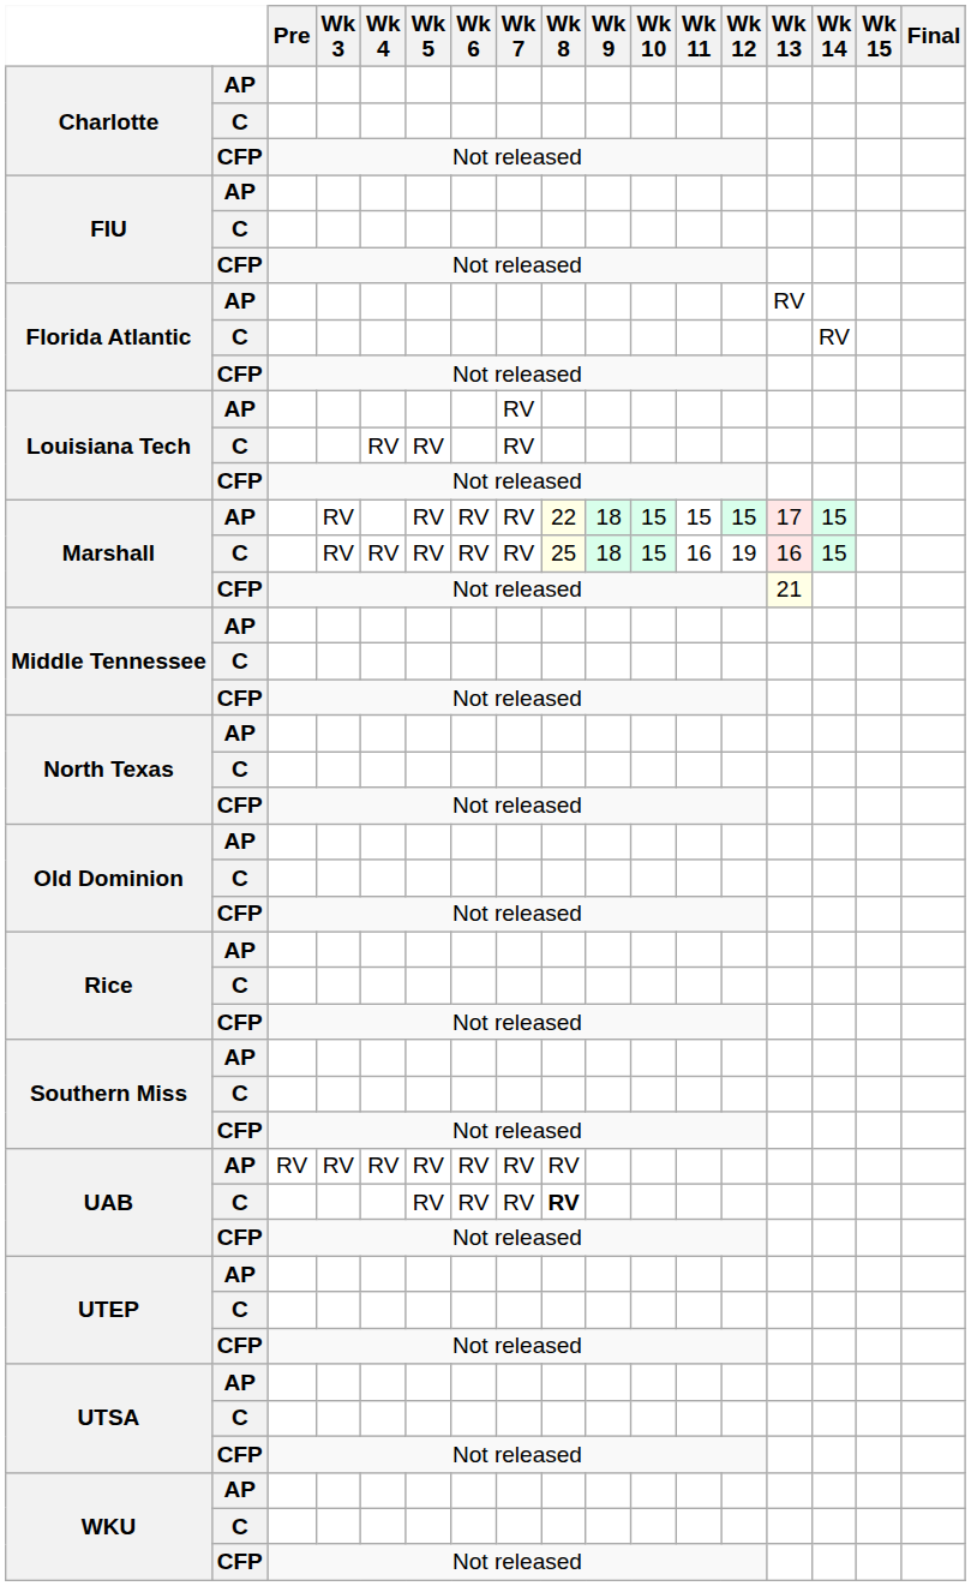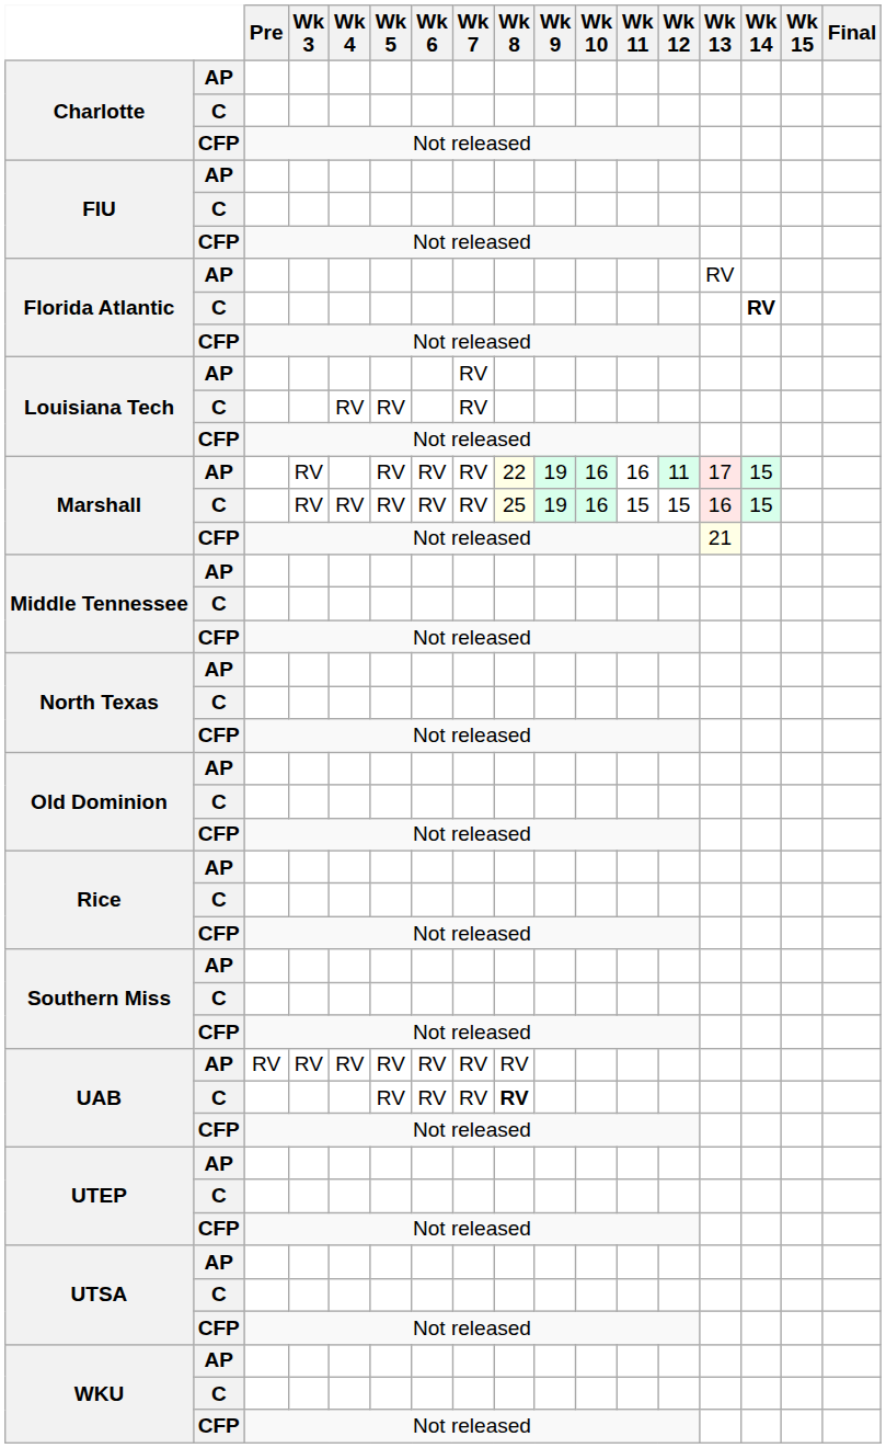 <table class="wikitable" style="white-space:nowrap;font-size:85%;">
 <tr>
 <th colspan=2 style="background:white; border-top-style:hidden; border-left-style:hidden;"> </th>
 <th>Pre</th>
 <th>Wk<br>3</th>
 <th>Wk<br>4</th>
 <th>Wk<br>5</th>
 <th>Wk<br>6</th>
 <th>Wk<br>7</th>
 <th>Wk<br>8</th>
 <th>Wk<br>9</th>
 <th>Wk<br>10</th>
 <th>Wk<br>11</th>
 <th>Wk<br>12</th>
 <th>Wk<br>13</th>
 <th>Wk<br>14</th>
 <th>Wk<br>15</th>
 <th>Final</th>
 </tr>
 <tr style="text-align:center;">
 <th rowspan="3">Charlotte</th>
 <th>AP</th>
 <td style="background:#FFF;"></td>
 <td style="background:#FFF;"></td>
 <td style="background:#FFF;"></td>
 <td style="background:#FFF;"></td>
 <td style="background:#FFF;"></td>
 <td style="background:#FFF;"></td>
 <td style="background:#FFF;"></td>
 <td style="background:#FFF;"></td>
 <td style="background:#FFF;"></td>
 <td style="background:#FFF;"></td>
 <td style="background:#FFF;"></td>
 <td style="background:#FFF;"></td>
 <td style="background:#FFF;"></td>
 <td style="background:#FFF;"></td>
 <td style="background:#FFF;"></td>
 </tr>
 <tr style="text-align:center;">
 <th>C</th>
 <td style="background:#FFF;"></td>
 <td style="background:#FFF;"></td>
 <td style="background:#FFF;"></td>
 <td style="background:#FFF;"></td>
 <td style="background:#FFF;"></td>
 <td style="background:#FFF;"></td>
 <td style="background:#FFF;"></td>
 <td style="background:#FFF;"></td>
 <td style="background:#FFF;"></td>
 <td style="background:#FFF;"></td>
 <td style="background:#FFF;"></td>
 <td style="background:#FFF;"></td>
 <td style="background:#FFF;"></td>
 <td style="background:#FFF;"></td>
 <td style="background:#FFF;"></td>
 </tr>
 <tr style="text-align:center;">
 <th>CFP</th>
 <td colspan="11" style="text-align:center;">Not released</td>
 <td style="background:#FFF;"></td>
 <td style="background:#FFF;"></td>
 <td style="background:#FFF;"></td>
 <td style="background:#FFF;"></td>
 </tr>
 <tr style="text-align:center;">
 <th rowspan="3">FIU</th>
 <th>AP</th>
 <td style="background:#FFF;"></td>
 <td style="background:#FFF;"></td>
 <td style="background:#FFF;"></td>
 <td style="background:#FFF;"></td>
 <td style="background:#FFF;"></td>
 <td style="background:#FFF;"></td>
 <td style="background:#FFF;"></td>
 <td style="background:#FFF;"></td>
 <td style="background:#FFF;"></td>
 <td style="background:#FFF;"></td>
 <td style="background:#FFF;"></td>
 <td style="background:#FFF;"></td>
 <td style="background:#FFF;"></td>
 <td style="background:#FFF;"></td>
 <td style="background:#FFF;"></td>
 </tr>
 <tr style="text-align:center;">
 <th>C</th>
 <td style="background:#FFF;"></td>
 <td style="background:#FFF;"></td>
 <td style="background:#FFF;"></td>
 <td style="background:#FFF;"></td>
 <td style="background:#FFF;"></td>
 <td style="background:#FFF;"></td>
 <td style="background:#FFF;"></td>
 <td style="background:#FFF;"></td>
 <td style="background:#FFF;"></td>
 <td style="background:#FFF;"></td>
 <td style="background:#FFF;"></td>
 <td style="background:#FFF;"></td>
 <td style="background:#FFF;"></td>
 <td style="background:#FFF;"></td>
 <td style="background:#FFF;"></td>
 </tr>
 <tr style="text-align:center;">
 <th>CFP</th>
 <td colspan="11" style="text-align:center;">Not released</td>
 <td style="background:#FFF;"></td>
 <td style="background:#FFF;"></td>
 <td style="background:#FFF;"></td>
 <td style="background:#FFF;"></td>
 </tr>
 <tr style="text-align:center;">
 <th rowspan="3">Florida Atlantic</th>
 <th>AP</th>
 <td style="background:#FFF;"></td>
 <td style="background:#FFF;"></td>
 <td style="background:#FFF;"></td>
 <td style="background:#FFF;"></td>
 <td style="background:#FFF;"></td>
 <td style="background:#FFF;"></td>
 <td style="background:#FFF;"></td>
 <td style="background:#FFF;"></td>
 <td style="background:#FFF;"></td>
 <td style="background:#FFF;"></td>
 <td style="background:#FFF;"></td>
 <td style="background:#FFF;">RV</td>
 <td style="background:#FFF;"></td>
 <td style="background:#FFF;"></td>
 <td style="background:#FFF;"></td>
 </tr>
 <tr style="text-align:center;">
 <th>C</th>
 <td style="background:#FFF;"></td>
 <td style="background:#FFF;"></td>
 <td style="background:#FFF;"></td>
 <td style="background:#FFF;"></td>
 <td style="background:#FFF;"></td>
 <td style="background:#FFF;"></td>
 <td style="background:#FFF;"></td>
 <td style="background:#FFF;"></td>
 <td style="background:#FFF;"></td>
 <td style="background:#FFF;"></td>
 <td style="background:#FFF;"></td>
 <td style="background:#FFF;"></td>
-<td style="background:#FFF;">RV</td>
+<td style="background:#FFF;"><strong>RV</strong></td>
 <td style="background:#FFF;"></td>
 <td style="background:#FFF;"></td>
 </tr>
 <tr style="text-align:center;">
 <th>CFP</th>
 <td colspan="11" style="text-align:center;">Not released</td>
 <td style="background:#FFF;"></td>
 <td style="background:#FFF;"></td>
 <td style="background:#FFF;"></td>
 <td style="background:#FFF;"></td>
 </tr>
 <tr style="text-align:center;">
 <th rowspan="3">Louisiana Tech</th>
 <th>AP</th>
 <td style="background:#FFF;"></td>
 <td style="background:#FFF;"></td>
 <td style="background:#FFF;"></td>
 <td style="background:#FFF;"></td>
 <td style="background:#FFF;"></td>
 <td style="background:#FFF;">RV</td>
 <td style="background:#FFF;"></td>
 <td style="background:#FFF;"></td>
 <td style="background:#FFF;"></td>
 <td style="background:#FFF;"></td>
 <td style="background:#FFF;"></td>
 <td style="background:#FFF;"></td>
 <td style="background:#FFF;"></td>
 <td style="background:#FFF;"></td>
 <td style="background:#FFF;"></td>
 </tr>
 <tr style="text-align:center;">
 <th>C</th>
 <td style="background:#FFF;"></td>
 <td style="background:#FFF;"></td>
 <td style="background:#FFF;">RV</td>
 <td style="background:#FFF;">RV</td>
 <td style="background:#FFF;"></td>
 <td style="background:#FFF;">RV</td>
 <td style="background:#FFF;"></td>
 <td style="background:#FFF;"></td>
 <td style="background:#FFF;"></td>
 <td style="background:#FFF;"></td>
 <td style="background:#FFF;"></td>
 <td style="background:#FFF;"></td>
 <td style="background:#FFF;"></td>
 <td style="background:#FFF;"></td>
 <td style="background:#FFF;"></td>
 </tr>
 <tr style="text-align:center;">
 <th>CFP</th>
 <td colspan="11" style="text-align:center;">Not released</td>
 <td style="background:#FFF;"></td>
 <td style="background:#FFF;"></td>
 <td style="background:#FFF;"></td>
 <td style="background:#FFF;"></td>
 </tr>
 <tr style="text-align:center;">
 <th rowspan="3">Marshall</th>
 <th>AP</th>
 <td style="background:#FFF;"></td>
 <td style="background:#FFF;">RV</td>
 <td style="background:#FFF;"></td>
 <td style="background:#FFF;">RV</td>
 <td style="background:#FFF;">RV</td>
 <td style="background:#FFF;">RV</td>
 <td style="background:#ffffe6;">22</td>
-<td style="background:#d8ffeb;">18</td>
-<td style="background:#d8ffeb;">15</td>
-<td style="background:#fff;">15</td>
-<td style="background:#d8ffeb;">15</td>
+<td style="background:#d8ffeb;">19</td>
+<td style="background:#d8ffeb;">16</td>
+<td style="background:#fff;">16</td>
+<td style="background:#d8ffeb;">11</td>
 <td style="background:#ffe6e6;">17</td>
 <td style="background:#d8ffeb;">15</td>
 <td style="background:#FFF;"></td>
 <td style="background:#FFF;"></td>
 </tr>
 <tr style="text-align:center;">
 <th>C</th>
 <td style="background:#FFF;"></td>
 <td style="background:#FFF;">RV</td>
 <td style="background:#FFF;">RV</td>
 <td style="background:#FFF;">RV</td>
 <td style="background:#FFF;">RV</td>
 <td style="background:#FFF;">RV</td>
 <td style="background:#ffffe6;">25</td>
-<td style="background:#d8ffeb;">18</td>
-<td style="background:#d8ffeb;">15</td>
-<td style="background:#fff;">16</td>
-<td style="background:#fff;">19</td>
+<td style="background:#d8ffeb;">19</td>
+<td style="background:#d8ffeb;">16</td>
+<td style="background:#fff;">15</td>
+<td style="background:#fff;">15</td>
 <td style="background:#ffe6e6">16</td>
 <td style="background:#d8ffeb;">15</td>
 <td style="background:#FFF;"></td>
 <td style="background:#FFF;"></td>
 </tr>
 <tr style="text-align:center;">
 <th>CFP</th>
 <td colspan="11" style="text-align:center;">Not released</td>
 <td style="background:#ffffe6;">21</td>
 <td style="background:#FFF;"></td>
 <td style="background:#FFF;"></td>
 <td style="background:#FFF;"></td>
 </tr>
 <tr style="text-align:center;">
 <th rowspan="3">Middle Tennessee</th>
 <th>AP</th>
 <td style="background:#FFF;"></td>
 <td style="background:#FFF;"></td>
 <td style="background:#FFF;"></td>
 <td style="background:#FFF;"></td>
 <td style="background:#FFF;"></td>
 <td style="background:#FFF;"></td>
 <td style="background:#FFF;"></td>
 <td style="background:#FFF;"></td>
 <td style="background:#FFF;"></td>
 <td style="background:#FFF;"></td>
 <td style="background:#FFF;"></td>
 <td style="background:#FFF;"></td>
 <td style="background:#FFF;"></td>
 <td style="background:#FFF;"></td>
 <td style="background:#FFF;"></td>
 </tr>
 <tr style="text-align:center;">
 <th>C</th>
 <td style="background:#FFF;"></td>
 <td style="background:#FFF;"></td>
 <td style="background:#FFF;"></td>
 <td style="background:#FFF;"></td>
 <td style="background:#FFF;"></td>
 <td style="background:#FFF;"></td>
 <td style="background:#FFF;"></td>
 <td style="background:#FFF;"></td>
 <td style="background:#FFF;"></td>
 <td style="background:#FFF;"></td>
 <td style="background:#FFF;"></td>
 <td style="background:#FFF;"></td>
 <td style="background:#FFF;"></td>
 <td style="background:#FFF;"></td>
 <td style="background:#FFF;"></td>
 </tr>
 <tr style="text-align:center;">
 <th>CFP</th>
 <td colspan="11" style="text-align:center;">Not released</td>
 <td style="background:#FFF;"></td>
 <td style="background:#FFF;"></td>
 <td style="background:#FFF;"></td>
 <td style="background:#FFF;"></td>
 </tr>
 <tr style="text-align:center;">
 <th rowspan="3">North Texas</th>
 <th>AP</th>
 <td style="background:#FFF;"></td>
 <td style="background:#FFF;"></td>
 <td style="background:#FFF;"></td>
 <td style="background:#FFF;"></td>
 <td style="background:#FFF;"></td>
 <td style="background:#FFF;"></td>
 <td style="background:#FFF;"></td>
 <td style="background:#FFF;"></td>
 <td style="background:#FFF;"></td>
 <td style="background:#FFF;"></td>
 <td style="background:#FFF;"></td>
 <td style="background:#FFF;"></td>
 <td style="background:#FFF;"></td>
 <td style="background:#FFF;"></td>
 <td style="background:#FFF;"></td>
 </tr>
 <tr style="text-align:center;">
 <th>C</th>
 <td style="background:#FFF;"></td>
 <td style="background:#FFF;"></td>
 <td style="background:#FFF;"></td>
 <td style="background:#FFF;"></td>
 <td style="background:#FFF;"></td>
 <td style="background:#FFF;"></td>
 <td style="background:#FFF;"></td>
 <td style="background:#FFF;"></td>
 <td style="background:#FFF;"></td>
 <td style="background:#FFF;"></td>
 <td style="background:#FFF;"></td>
 <td style="background:#FFF;"></td>
 <td style="background:#FFF;"></td>
 <td style="background:#FFF;"></td>
 <td style="background:#FFF;"></td>
 </tr>
 <tr style="text-align:center;">
 <th>CFP</th>
 <td colspan="11" style="text-align:center;">Not released</td>
 <td style="background:#FFF;"></td>
 <td style="background:#FFF;"></td>
 <td style="background:#FFF;"></td>
 <td style="background:#FFF;"></td>
 </tr>
 <tr style="text-align:center;">
 <th rowspan="3">Old Dominion</th>
 <th>AP</th>
 <td style="background:#FFF;"></td>
 <td style="background:#FFF;"></td>
 <td style="background:#FFF;"></td>
 <td style="background:#FFF;"></td>
 <td style="background:#FFF;"></td>
 <td style="background:#FFF;"></td>
 <td style="background:#FFF;"></td>
 <td style="background:#FFF;"></td>
 <td style="background:#FFF;"></td>
 <td style="background:#FFF;"></td>
 <td style="background:#FFF;"></td>
 <td style="background:#FFF;"></td>
 <td style="background:#FFF;"></td>
 <td style="background:#FFF;"></td>
 <td style="background:#FFF;"></td>
 </tr>
 <tr style="text-align:center;">
 <th>C</th>
 <td style="background:#FFF;"></td>
 <td style="background:#FFF;"></td>
 <td style="background:#FFF;"></td>
 <td style="background:#FFF;"></td>
 <td style="background:#FFF;"></td>
 <td style="background:#FFF;"></td>
 <td style="background:#FFF;"></td>
 <td style="background:#FFF;"></td>
 <td style="background:#FFF;"></td>
 <td style="background:#FFF;"></td>
 <td style="background:#FFF;"></td>
 <td style="background:#FFF;"></td>
 <td style="background:#FFF;"></td>
 <td style="background:#FFF;"></td>
 <td style="background:#FFF;"></td>
 </tr>
 <tr style="text-align:center;">
 <th>CFP</th>
 <td colspan="11" style="text-align:center;">Not released</td>
 <td style="background:#FFF;"></td>
 <td style="background:#FFF;"></td>
 <td style="background:#FFF;"></td>
 <td style="background:#FFF;"></td>
 </tr>
 <tr style="text-align:center;">
 <th rowspan="3">Rice</th>
 <th>AP</th>
 <td style="background:#FFF;"></td>
 <td style="background:#FFF;"></td>
 <td style="background:#FFF;"></td>
 <td style="background:#FFF;"></td>
 <td style="background:#FFF;"></td>
 <td style="background:#FFF;"></td>
 <td style="background:#FFF;"></td>
 <td style="background:#FFF;"></td>
 <td style="background:#FFF;"></td>
 <td style="background:#FFF;"></td>
 <td style="background:#FFF;"></td>
 <td style="background:#FFF;"></td>
 <td style="background:#FFF;"></td>
 <td style="background:#FFF;"></td>
 <td style="background:#FFF;"></td>
 </tr>
 <tr style="text-align:center;">
 <th>C</th>
 <td style="background:#FFF;"></td>
 <td style="background:#FFF;"></td>
 <td style="background:#FFF;"></td>
 <td style="background:#FFF;"></td>
 <td style="background:#FFF;"></td>
 <td style="background:#FFF;"></td>
 <td style="background:#FFF;"></td>
 <td style="background:#FFF;"></td>
 <td style="background:#FFF;"></td>
 <td style="background:#FFF;"></td>
 <td style="background:#FFF;"></td>
 <td style="background:#FFF;"></td>
 <td style="background:#FFF;"></td>
 <td style="background:#FFF;"></td>
 <td style="background:#FFF;"></td>
 </tr>
 <tr style="text-align:center;">
 <th>CFP</th>
 <td colspan="11" style="text-align:center;">Not released</td>
 <td style="background:#FFF;"></td>
 <td style="background:#FFF;"></td>
 <td style="background:#FFF;"></td>
 <td style="background:#FFF;"></td>
 </tr>
 <tr style="text-align:center;">
 <th rowspan="3">Southern Miss</th>
 <th>AP</th>
 <td style="background:#FFF;"></td>
 <td style="background:#FFF;"></td>
 <td style="background:#FFF;"></td>
 <td style="background:#FFF;"></td>
 <td style="background:#FFF;"></td>
 <td style="background:#FFF;"></td>
 <td style="background:#FFF;"></td>
 <td style="background:#FFF;"></td>
 <td style="background:#FFF;"></td>
 <td style="background:#FFF;"></td>
 <td style="background:#FFF;"></td>
 <td style="background:#FFF;"></td>
 <td style="background:#FFF;"></td>
 <td style="background:#FFF;"></td>
 <td style="background:#FFF;"></td>
 </tr>
 <tr style="text-align:center;">
 <th>C</th>
 <td style="background:#FFF;"></td>
 <td style="background:#FFF;"></td>
 <td style="background:#FFF;"></td>
 <td style="background:#FFF;"></td>
 <td style="background:#FFF;"></td>
 <td style="background:#FFF;"></td>
 <td style="background:#FFF;"></td>
 <td style="background:#FFF;"></td>
 <td style="background:#FFF;"></td>
 <td style="background:#FFF;"></td>
 <td style="background:#FFF;"></td>
 <td style="background:#FFF;"></td>
 <td style="background:#FFF;"></td>
 <td style="background:#FFF;"></td>
 <td style="background:#FFF;"></td>
 </tr>
 <tr style="text-align:center;">
 <th>CFP</th>
 <td colspan="11" style="text-align:center;">Not released</td>
 <td style="background:#FFF;"></td>
 <td style="background:#FFF;"></td>
 <td style="background:#FFF;"></td>
 <td style="background:#FFF;"></td>
 </tr>
 <tr style="text-align:center;">
 <th rowspan="3">UAB</th>
 <th>AP</th>
 <td style="background:#FFF;">RV</td>
 <td style="background:#FFF;">RV</td>
 <td style="background:#FFF;">RV</td>
 <td style="background:#FFF;">RV</td>
 <td style="background:#FFF;">RV</td>
 <td style="background:#FFF;">RV</td>
 <td style="background:#FFF;">RV</td>
 <td style="background:#FFF;"></td>
 <td style="background:#FFF;"></td>
 <td style="background:#FFF;"></td>
 <td style="background:#FFF;"></td>
 <td style="background:#FFF;"></td>
 <td style="background:#FFF;"></td>
 <td style="background:#FFF;"></td>
 <td style="background:#FFF;"></td>
 </tr>
 <tr style="text-align:center;">
 <th>C</th>
 <td style="background:#FFF;"></td>
 <td style="background:#FFF;"></td>
 <td style="background:#FFF;"></td>
 <td style="background:#FFF;">RV</td>
 <td style="background:#FFF;">RV</td>
 <td style="background:#FFF;">RV</td>
 <td style="background:#FFF;"><strong>RV</strong></td>
 <td style="background:#FFF;"></td>
 <td style="background:#FFF;"></td>
 <td style="background:#FFF;"></td>
 <td style="background:#FFF;"></td>
 <td style="background:#FFF;"></td>
 <td style="background:#FFF;"></td>
 <td style="background:#FFF;"></td>
 <td style="background:#FFF;"></td>
 </tr>
 <tr style="text-align:center;">
 <th>CFP</th>
 <td colspan="11" style="text-align:center;">Not released</td>
 <td style="background:#FFF;"></td>
 <td style="background:#FFF;"></td>
 <td style="background:#FFF;"></td>
 <td style="background:#FFF;"></td>
 </tr>
 <tr style="text-align:center;">
 <th rowspan="3">UTEP</th>
 <th>AP</th>
 <td style="background:#FFF;"></td>
 <td style="background:#FFF;"></td>
 <td style="background:#FFF;"></td>
 <td style="background:#FFF;"></td>
 <td style="background:#FFF;"></td>
 <td style="background:#FFF;"></td>
 <td style="background:#FFF;"></td>
 <td style="background:#FFF;"></td>
 <td style="background:#FFF;"></td>
 <td style="background:#FFF;"></td>
 <td style="background:#FFF;"></td>
 <td style="background:#FFF;"></td>
 <td style="background:#FFF;"></td>
 <td style="background:#FFF;"></td>
 <td style="background:#FFF;"></td>
 </tr>
 <tr style="text-align:center;">
 <th>C</th>
 <td style="background:#FFF;"></td>
 <td style="background:#FFF;"></td>
 <td style="background:#FFF;"></td>
 <td style="background:#FFF;"></td>
 <td style="background:#FFF;"></td>
 <td style="background:#FFF;"></td>
 <td style="background:#FFF;"></td>
 <td style="background:#FFF;"></td>
 <td style="background:#FFF;"></td>
 <td style="background:#FFF;"></td>
 <td style="background:#FFF;"></td>
 <td style="background:#FFF;"></td>
 <td style="background:#FFF;"></td>
 <td style="background:#FFF;"></td>
 <td style="background:#FFF;"></td>
 </tr>
 <tr style="text-align:center;">
 <th>CFP</th>
 <td colspan="11" style="text-align:center;">Not released</td>
 <td style="background:#FFF;"></td>
 <td style="background:#FFF;"></td>
 <td style="background:#FFF;"></td>
 <td style="background:#FFF;"></td>
 </tr>
 <tr style="text-align:center;">
 <th rowspan="3">UTSA</th>
 <th>AP</th>
 <td style="background:#FFF;"></td>
 <td style="background:#FFF;"></td>
 <td style="background:#FFF;"></td>
 <td style="background:#FFF;"></td>
 <td style="background:#FFF;"></td>
 <td style="background:#FFF;"></td>
 <td style="background:#FFF;"></td>
 <td style="background:#FFF;"></td>
 <td style="background:#FFF;"></td>
 <td style="background:#FFF;"></td>
 <td style="background:#FFF;"></td>
 <td style="background:#FFF;"></td>
 <td style="background:#FFF;"></td>
 <td style="background:#FFF;"></td>
 <td style="background:#FFF;"></td>
 </tr>
 <tr style="text-align:center;">
 <th>C</th>
 <td style="background:#FFF;"></td>
 <td style="background:#FFF;"></td>
 <td style="background:#FFF;"></td>
 <td style="background:#FFF;"></td>
 <td style="background:#FFF;"></td>
 <td style="background:#FFF;"></td>
 <td style="background:#FFF;"></td>
 <td style="background:#FFF;"></td>
 <td style="background:#FFF;"></td>
 <td style="background:#FFF;"></td>
 <td style="background:#FFF;"></td>
 <td style="background:#FFF;"></td>
 <td style="background:#FFF;"></td>
 <td style="background:#FFF;"></td>
 <td style="background:#FFF;"></td>
 </tr>
 <tr style="text-align:center;">
 <th>CFP</th>
 <td colspan="11" style="text-align:center;">Not released</td>
 <td style="background:#FFF;"></td>
 <td style="background:#FFF;"></td>
 <td style="background:#FFF;"></td>
 <td style="background:#FFF;"></td>
 </tr>
 <tr style="text-align:center;">
 <th rowspan="3">WKU</th>
 <th>AP</th>
 <td style="background:#FFF;"></td>
 <td style="background:#FFF;"></td>
 <td style="background:#FFF;"></td>
 <td style="background:#FFF;"></td>
 <td style="background:#FFF;"></td>
 <td style="background:#FFF;"></td>
 <td style="background:#FFF;"></td>
 <td style="background:#FFF;"></td>
 <td style="background:#FFF;"></td>
 <td style="background:#FFF;"></td>
 <td style="background:#FFF;"></td>
 <td style="background:#FFF;"></td>
 <td style="background:#FFF;"></td>
 <td style="background:#FFF;"></td>
 <td style="background:#FFF;"></td>
 </tr>
 <tr style="text-align:center;">
 <th>C</th>
 <td style="background:#FFF;"></td>
 <td style="background:#FFF;"></td>
 <td style="background:#FFF;"></td>
 <td style="background:#FFF;"></td>
 <td style="background:#FFF;"></td>
 <td style="background:#FFF;"></td>
 <td style="background:#FFF;"></td>
 <td style="background:#FFF;"></td>
 <td style="background:#FFF;"></td>
 <td style="background:#FFF;"></td>
 <td style="background:#FFF;"></td>
 <td style="background:#FFF;"></td>
 <td style="background:#FFF;"></td>
 <td style="background:#FFF;"></td>
 <td style="background:#FFF;"></td>
 </tr>
 <tr style="text-align:center;">
 <th>CFP</th>
 <td colspan="11" style="text-align:center;">Not released</td>
 <td style="background:#FFF;"></td>
 <td style="background:#FFF;"></td>
 <td style="background:#FFF;"></td>
 <td style="background:#FFF;"></td>
 </tr>
 <tr style="text-align:center;">
 </tr>
 </table>
